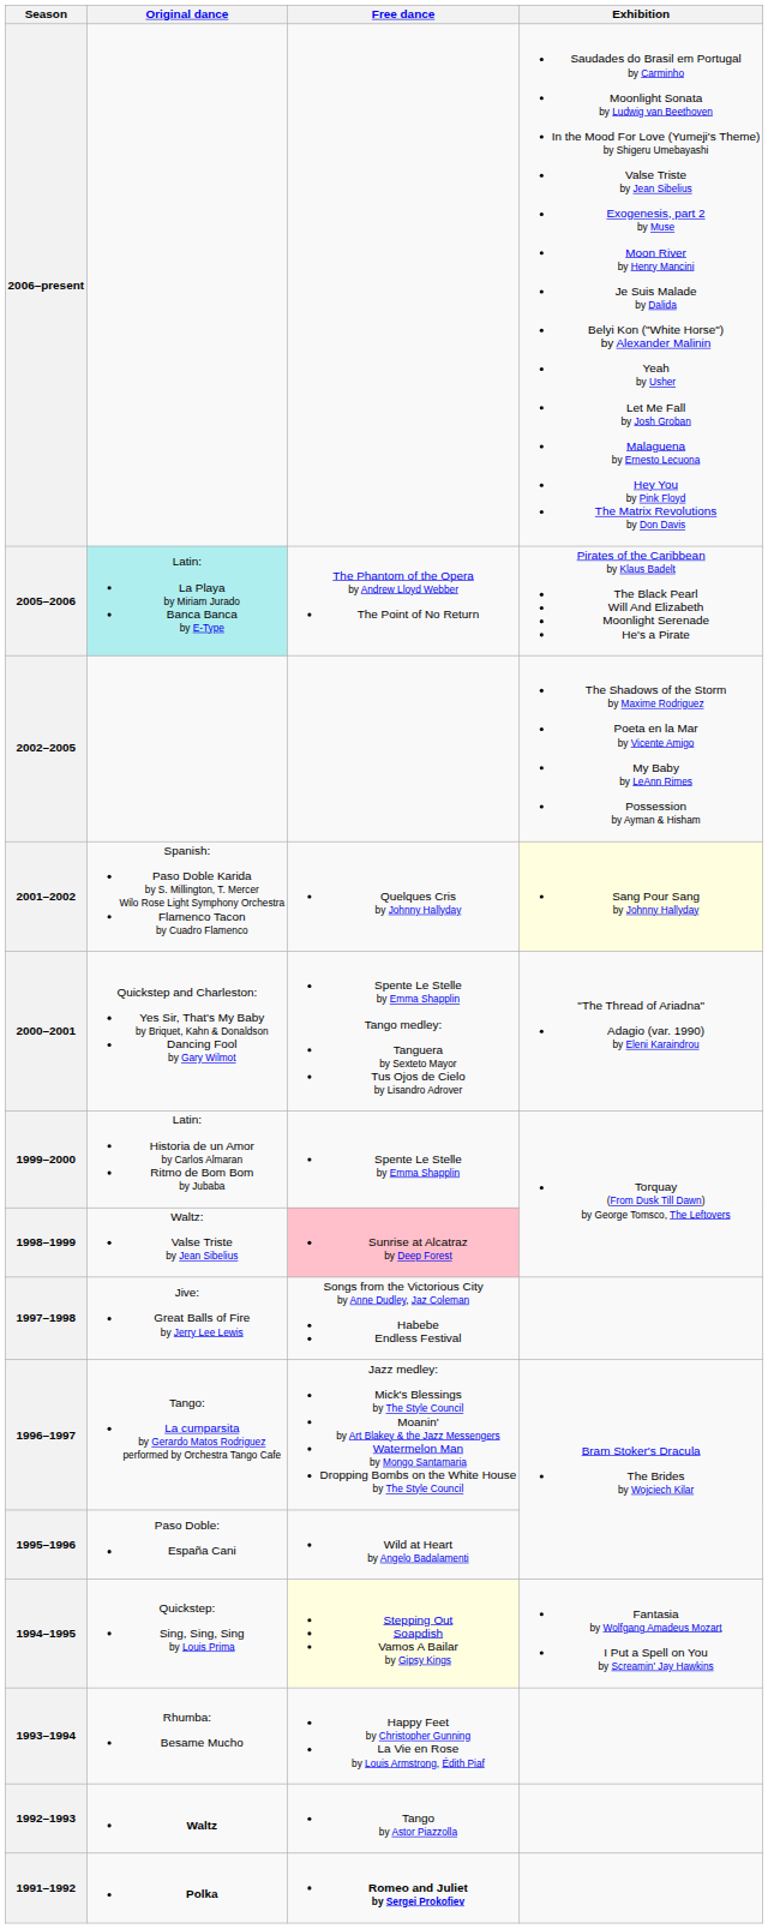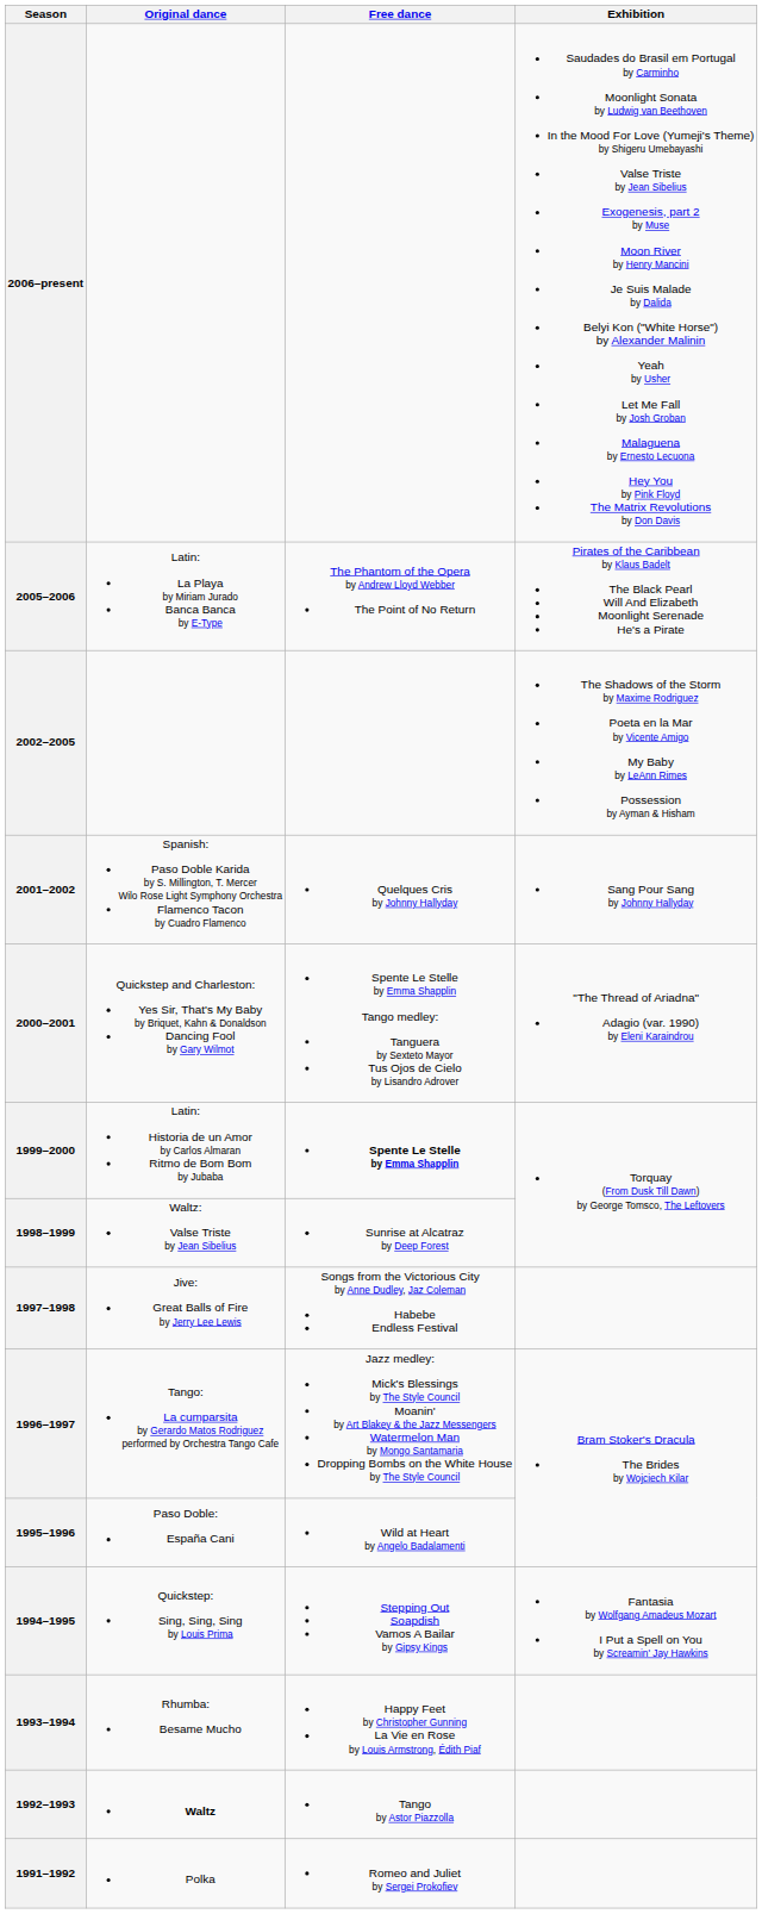 <table class="wikitable" style="text-align:center">
 <tr>
 <th>Season</th>
 <th><a href='#'>Original dance</a></th>
 <th><a href='#'>Free dance</a></th>
 <th>Exhibition</th>
 </tr>
 <tr>
 <th>2006–present <br> </th>
 <td></td>
 <td></td>
 <td><br><ul><li>Saudades do Brasil em Portugal <br><small> by <a href='#'>Carminho</a> </small></li></ul><ul><li>Moonlight Sonata <br><small> by <a href='#'>Ludwig van Beethoven</a> </small></li></ul><ul><li>In the Mood For Love (Yumeji's Theme) <br><small> by Shigeru Umebayashi </small></li></ul><ul><li>Valse Triste <br><small> by <a href='#'>Jean Sibelius</a> </small></li></ul><ul><li><a href='#'>Exogenesis, part 2</a> <br><small> by <a href='#'>Muse</a> </small></li></ul><ul><li><a href='#'>Moon River</a> <br><small> by <a href='#'>Henry Mancini</a> </small></li></ul><ul><li>Je Suis Malade <br><small> by <a href='#'>Dalida</a> </small></li></ul><ul><li>Belyi Kon ("White Horse") <br> by <a href='#'>Alexander Malinin</a></li></ul><ul><li>Yeah <br><small> by <a href='#'>Usher</a> </small></li></ul><ul><li>Let Me Fall <br><small> by <a href='#'>Josh Groban</a> </small></li></ul><ul><li><a href='#'>Malaguena</a> <br><small> by <a href='#'>Ernesto Lecuona</a> </small></li></ul><ul><li><a href='#'>Hey You</a> <br><small> by <a href='#'>Pink Floyd</a> </small></li><li><a href='#'>The Matrix Revolutions</a> <br><small> by <a href='#'>Don Davis</a> </small></li></ul></td>
 </tr>
 <tr>
 <th>2005–2006 <br> </th>
-<td style="background: paleturquoise;">Latin:<br><ul><li>La Playa <br><small> by Miriam Jurado </small></li><li>Banca Banca <br><small> by <a href='#'>E-Type</a> </small></li></ul></td>
+<td>Latin:<br><ul><li>La Playa <br><small> by Miriam Jurado </small></li><li>Banca Banca <br><small> by <a href='#'>E-Type</a> </small></li></ul></td>
 <td><a href='#'>The Phantom of the Opera</a> <br><small> by <a href='#'>Andrew Lloyd Webber</a> </small><br><ul><li>The Point of No Return</li></ul></td>
 <td><a href='#'>Pirates of the Caribbean</a> <br><small> by <a href='#'>Klaus Badelt</a> </small><br><ul><li>The Black Pearl</li><li>Will And Elizabeth</li><li>Moonlight Serenade</li><li>He's a Pirate</li></ul></td>
 </tr>
 <tr>
 <th>2002–2005 <br> </th>
 <td></td>
 <td></td>
 <td><br><ul><li>The Shadows of the Storm <br><small> by <a href='#'>Maxime Rodriguez</a> </small></li></ul><ul><li>Poeta en la Mar <br><small> by <a href='#'>Vicente Amigo</a> </small></li></ul><ul><li>My Baby <br><small> by <a href='#'>LeAnn Rimes</a> </small></li></ul><ul><li>Possession <br><small> by Ayman & Hisham </small></li></ul></td>
 </tr>
 <tr>
 <th>2001–2002 <br> </th>
 <td>Spanish:<br><ul><li>Paso Doble Karida <br><small> by S. Millington, T. Mercer <br> Wilo Rose Light Symphony Orchestra </small></li><li>Flamenco Tacon <br><small> by Cuadro Flamenco </small></li></ul></td>
 <td><br><ul><li>Quelques Cris <br><small> by <a href='#'>Johnny Hallyday</a> </small></li></ul></td>
-<td style="background: lightyellow;"><br><ul><li>Sang Pour Sang <br><small> by <a href='#'>Johnny Hallyday</a> </small></li></ul></td>
+<td><br><ul><li>Sang Pour Sang <br><small> by <a href='#'>Johnny Hallyday</a> </small></li></ul></td>
 </tr>
 <tr>
 <th>2000–2001 <br> </th>
 <td>Quickstep and Charleston:<br><ul><li>Yes Sir, That's My Baby <br><small>by Briquet, Kahn & Donaldson </small></li><li>Dancing Fool <br><small> by <a href='#'>Gary Wilmot</a> </small></li></ul></td>
 <td><br><ul><li>Spente Le Stelle <br><small> by <a href='#'>Emma Shapplin</a> </small></li></ul>Tango medley:<ul><li>Tanguera <br><small> by Sexteto Mayor </small></li><li>Tus Ojos de Cielo <br><small> by Lisandro Adrover </small></li></ul></td>
 <td>"The Thread of Ariadna"<br><ul><li>Adagio (var. 1990) <br><small> by <a href='#'>Eleni Karaindrou</a></small></li></ul></td>
 </tr>
 <tr>
 <th>1999–2000 <br> </th>
 <td>Latin:<br><ul><li>Historia de un Amor <br><small> by Carlos Almaran </small></li><li>Ritmo de Bom Bom <br><small> by Jubaba </small></li></ul></td>
-<td><br><ul><li>Spente Le Stelle <br><small> by <a href='#'>Emma Shapplin</a> </small></li></ul></td>
+<td><strong><br><ul><li>Spente Le Stelle <br><small> by <a href='#'>Emma Shapplin</a> </small></li></ul></strong></td>
 <td rowspan=2><br><ul><li>Torquay <br><small> (<a href='#'>From Dusk Till Dawn</a>) <br> by George Tomsco, <a href='#'>The Leftovers</a> </small></li></ul></td>
 </tr>
 <tr>
 <th>1998–1999 <br> </th>
 <td>Waltz:<br><ul><li>Valse Triste <br><small> by <a href='#'>Jean Sibelius</a> </small></li></ul></td>
-<td style="background: pink;"><br><ul><li>Sunrise at Alcatraz <br><small> by <a href='#'>Deep Forest</a> </small></li></ul></td>
+<td><br><ul><li>Sunrise at Alcatraz <br><small> by <a href='#'>Deep Forest</a> </small></li></ul></td>
 </tr>
 <tr>
 <th>1997–1998 <br> </th>
 <td>Jive:<br><ul><li>Great Balls of Fire <br><small> by <a href='#'>Jerry Lee Lewis</a> </small></li></ul></td>
 <td>Songs from the Victorious City <br><small> by <a href='#'>Anne Dudley</a>, <a href='#'>Jaz Coleman</a> </small><br><ul><li>Habebe</li><li>Endless Festival</li></ul></td>
 <td></td>
 </tr>
 <tr>
 <th>1996–1997 <br> </th>
 <td>Tango:<br><ul><li><a href='#'>La cumparsita</a> <br><small> by <a href='#'>Gerardo Matos Rodriguez</a> <br> performed by Orchestra Tango Cafe </small></li></ul></td>
 <td>Jazz medley:<br><ul><li>Mick's Blessings <br><small> by <a href='#'>The Style Council</a> </small></li><li>Moanin' <br><small> by <a href='#'>Art Blakey & the Jazz Messengers</a> </small></li><li><a href='#'>Watermelon Man</a> <br><small> by <a href='#'>Mongo Santamaria</a> </small></li><li>Dropping Bombs on the White House <br><small> by <a href='#'>The Style Council</a> </small></li></ul></td>
 <td rowspan=2><br><a href='#'>Bram Stoker's Dracula</a><ul><li>The Brides <br><small> by <a href='#'>Wojciech Kilar</a> </small></li></ul></td>
 </tr>
 <tr>
 <th>1995–1996 <br> </th>
 <td>Paso Doble:<br><ul><li>España Cani</li></ul></td>
 <td><br><ul><li>Wild at Heart <br><small> by <a href='#'>Angelo Badalamenti</a> </small></li></ul></td>
 </tr>
 <tr>
 <th>1994–1995 <br> </th>
 <td>Quickstep:<br><ul><li>Sing, Sing, Sing <br><small> by <a href='#'>Louis Prima</a> </small></li></ul></td>
-<td style="background: lightyellow;"><br><ul><li><a href='#'>Stepping Out</a></li><li><a href='#'>Soapdish</a></li><li>Vamos A Bailar <br><small> by <a href='#'>Gipsy Kings</a></small></li></ul></td>
+<td><br><ul><li><a href='#'>Stepping Out</a></li><li><a href='#'>Soapdish</a></li><li>Vamos A Bailar <br><small> by <a href='#'>Gipsy Kings</a></small></li></ul></td>
 <td><br><ul><li>Fantasia <br><small> by <a href='#'>Wolfgang Amadeus Mozart</a> </small></li></ul><ul><li>I Put a Spell on You <br><small> by <a href='#'>Screamin' Jay Hawkins</a> </small></li></ul></td>
 </tr>
 <tr>
 <th>1993–1994 <br> </th>
 <td>Rhumba:<br><ul><li>Besame Mucho</li></ul></td>
 <td><br><ul><li>Happy Feet <br><small> by <a href='#'>Christopher Gunning</a> </small></li><li>La Vie en Rose <br><small> by <a href='#'>Louis Armstrong</a>, <a href='#'>Édith Piaf</a> </small></li></ul></td>
 <td></td>
 </tr>
 <tr>
 <th>1992–1993 <br> </th>
 <td><strong><br><ul><li>Waltz</li></ul></strong></td>
 <td><br><ul><li>Tango <br><small> by <a href='#'>Astor Piazzolla</a> </small></li></ul></td>
 <td></td>
 </tr>
 <tr>
 <th>1991–1992 <br> </th>
-<td><strong><br><ul><li>Polka</li></ul></strong></td>
-<td><strong><br><ul><li>Romeo and Juliet <br><small> by <a href='#'>Sergei Prokofiev</a> </small></li></ul></strong></td>
+<td><br><ul><li>Polka</li></ul></td>
+<td><br><ul><li>Romeo and Juliet <br><small> by <a href='#'>Sergei Prokofiev</a> </small></li></ul></td>
 <td></td>
 </tr>
 </table>
